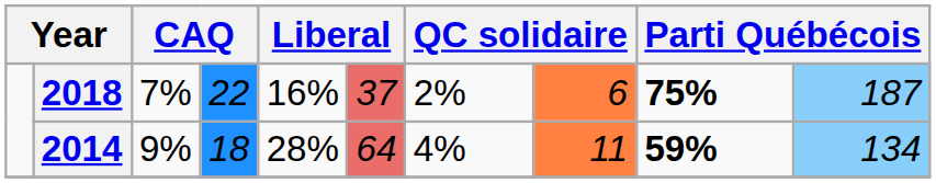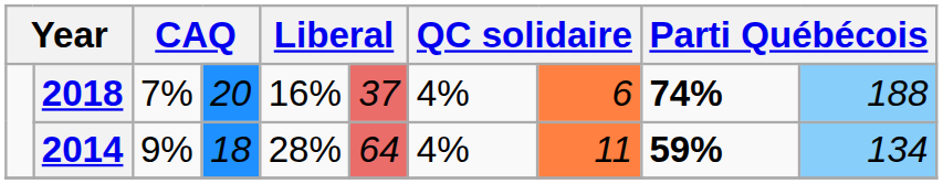 <table class="wikitable" style="width:400; font-size:90%; margin-left:1em;">
 <tr>
 <th colspan="2" scope="col">Year</th>
 <th colspan="2" scope="col"><a href='#'>CAQ</a></th>
 <th colspan="2" scope="col"><a href='#'>Liberal</a></th>
 <th colspan="2" scope="col"><a href='#'>QC solidaire</a></th>
 <th colspan="2" scope="col"><a href='#'>Parti Québécois</a></th>
 </tr>
 <tr>
 <td rowspan="2" style="width: 0.25em; background-color: "></td>
 <th><a href='#'>2018</a></th>
 <td>7%</td>
-<td style="text-align:right; background:#1E90FF;"><em>22</em></td>
+<td style="text-align:right; background:#1E90FF;"><em>20</em></td>
 <td>16%</td>
 <td style="text-align:right; background:#EA6D6A;"><em>37</em></td>
-<td>2%</td>
+<td>4%</td>
 <td style="text-align:right; background:#FF8040;"><em>6</em></td>
-<td><strong>75%</strong></td>
-<td style="text-align:right; background:#87CEFA;"><em>187</em></td>
+<td><strong>74%</strong></td>
+<td style="text-align:right; background:#87CEFA;"><em>188</em></td>
 </tr>
 <tr>
 <th><a href='#'>2014</a></th>
 <td>9%</td>
 <td style="text-align:right; background:#1E90FF;"><em>18</em></td>
 <td>28%</td>
 <td style="text-align:right; background:#EA6D6A;"><em>64</em></td>
 <td>4%</td>
 <td style="text-align:right; background:#FF8040;"><em>11</em></td>
 <td><strong>59%</strong></td>
 <td style="text-align:right; background:#87CEFA;"><em>134</em></td>
 </tr>
 <tr>
 </tr>
 </table>
